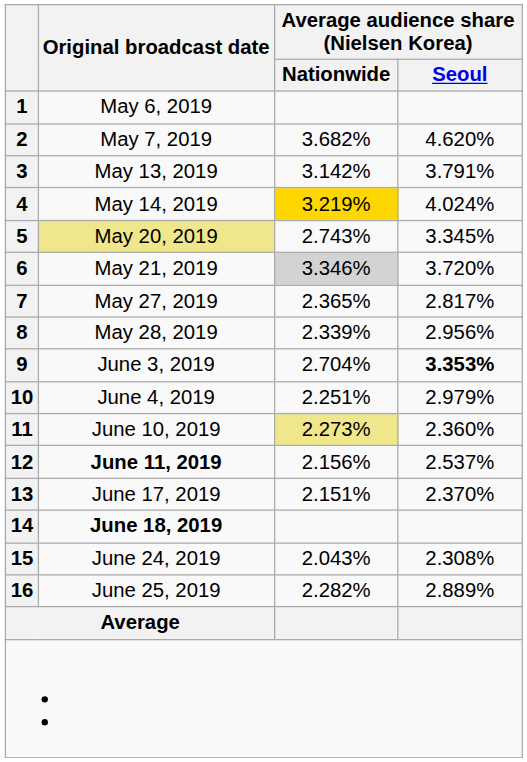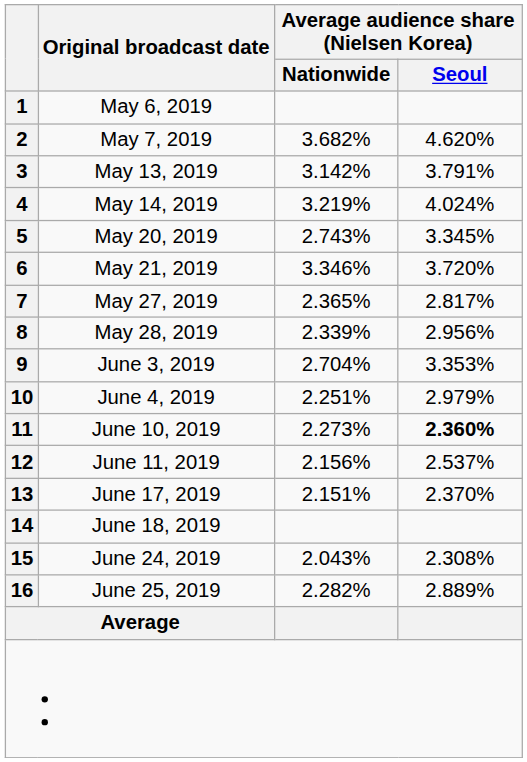 <table class="wikitable" style="text-align:center;max-width:450px; margin-left: auto; margin-right: auto; border: none;">
 <tr>
 </tr>
 <tr>
 <th rowspan="2"></th>
 <th rowspan="2">Original broadcast date</th>
 <th colspan="2">Average audience share<br>(Nielsen Korea)</th>
 </tr>
 <tr>
 <th width="90">Nationwide</th>
 <th width="90"><a href='#'>Seoul</a></th>
 </tr>
 <tr>
 <th>1</th>
 <td>May 6, 2019</td>
 <td><strong></strong></td>
 <td><strong></strong></td>
 </tr>
 <tr>
 <th>2</th>
 <td>May 7, 2019</td>
 <td>3.682%</td>
 <td>4.620%</td>
 </tr>
 <tr>
 <th>3</th>
 <td>May 13, 2019</td>
 <td>3.142%</td>
 <td>3.791%</td>
 </tr>
 <tr>
 <th>4</th>
 <td>May 14, 2019</td>
-<td style="background: gold;">3.219%</td>
+<td>3.219%</td>
 <td>4.024%</td>
 </tr>
 <tr>
 <th>5</th>
-<td style="background: khaki;">May 20, 2019</td>
+<td>May 20, 2019</td>
 <td>2.743%</td>
 <td>3.345%</td>
 </tr>
 <tr>
 <th>6</th>
 <td>May 21, 2019</td>
-<td style="background: lightgrey;">3.346%</td>
+<td>3.346%</td>
 <td>3.720%</td>
 </tr>
 <tr>
 <th>7</th>
 <td>May 27, 2019</td>
 <td>2.365%</td>
 <td>2.817%</td>
 </tr>
 <tr>
 <th>8</th>
 <td>May 28, 2019</td>
 <td>2.339%</td>
 <td>2.956%</td>
 </tr>
 <tr>
 <th>9</th>
 <td>June 3, 2019</td>
 <td>2.704%</td>
-<td><strong>3.353%</strong></td>
+<td>3.353%</td>
 </tr>
 <tr>
 <th>10</th>
 <td>June 4, 2019</td>
 <td>2.251%</td>
 <td>2.979%</td>
 </tr>
 <tr>
 <th>11</th>
 <td>June 10, 2019</td>
-<td style="background: khaki;">2.273%</td>
-<td>2.360%</td>
+<td>2.273%</td>
+<td><strong>2.360%</strong></td>
 </tr>
 <tr>
 <th>12</th>
-<td><strong>June 11, 2019</strong></td>
+<td>June 11, 2019</td>
 <td>2.156%</td>
 <td>2.537%</td>
 </tr>
 <tr>
 <th>13</th>
 <td>June 17, 2019</td>
 <td>2.151%</td>
 <td>2.370%</td>
 </tr>
 <tr>
 <th>14</th>
-<td><strong>June 18, 2019</strong></td>
+<td>June 18, 2019</td>
 <td><strong></strong></td>
 <td><strong></strong></td>
 </tr>
 <tr>
 <th>15</th>
 <td>June 24, 2019</td>
 <td>2.043%</td>
 <td>2.308%</td>
 </tr>
 <tr>
 <th>16</th>
 <td>June 25, 2019</td>
 <td>2.282%</td>
 <td>2.889%</td>
 </tr>
 <tr>
 <th colspan="2">Average</th>
 <th></th>
 <th></th>
 </tr>
 <tr>
 <td colspan="6"><br><ul><li></li><li></li></ul></td>
 </tr>
 </table>
